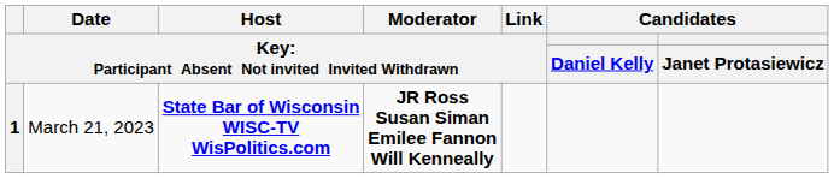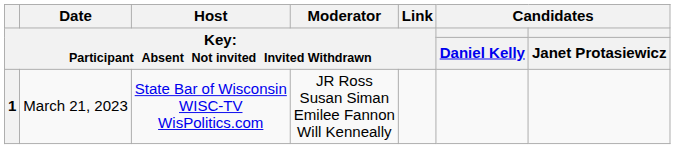 <table class="wikitable" style="text-align:center;">
 <tr>
 <th scope="col"></th>
 <th scope="col">Date</th>
 <th scope="col">Host</th>
 <th scope="col">Moderator</th>
 <th scope="col">Link</th>
 <th scope="col" colspan="2">Candidates</th>
 </tr>
 <tr>
 <th colspan="5" rowspan="2">Key:<br> <small>Participant </small>  <small>Absent </small>  <small>Not invited </small>  <small>Invited  Withdrawn</small></th>
 <th scope="col" style="background:"></th>
 <th scope="col" style="background:"></th>
 </tr>
 <tr>
 <th scope="col"><a href='#'>Daniel Kelly</a></th>
 <th scope="col">Janet Protasiewicz</th>
 </tr>
 <tr>
 <th>1</th>
 <td style="white-space:nowrap;">March 21, 2023</td>
-<td style="white-space:nowrap;"><strong><a href='#'>State Bar of Wisconsin</a><br><a href='#'>WISC-TV</a><br><a href='#'>WisPolitics.com</a></strong></td>
-<td style="white-space:nowrap;"><strong>JR Ross<br>Susan Siman<br>Emilee Fannon<br>Will Kenneally</strong></td>
+<td style="white-space:nowrap;"><a href='#'>State Bar of Wisconsin</a><br><a href='#'>WISC-TV</a><br><a href='#'>WisPolitics.com</a></td>
+<td style="white-space:nowrap;">JR Ross<br>Susan Siman<br>Emilee Fannon<br>Will Kenneally</td>
 <td style="white-space:nowrap;"></td>
 <td></td>
 <td></td>
 </tr>
 </table>
